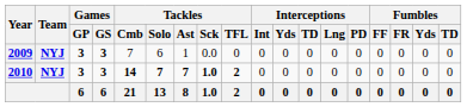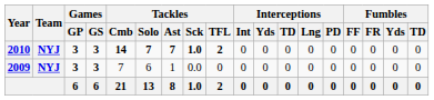 <table class="wikitable" style="text-align:center">
 <tr>
 <th rowspan="2">Year</th>
 <th rowspan="2">Team</th>
 <th colspan="2">Games</th>
 <th colspan="5">Tackles</th>
 <th colspan="5">Interceptions</th>
 <th colspan="4">Fumbles</th>
 </tr>
 <tr>
 <th>GP</th>
 <th>GS</th>
 <th>Cmb</th>
 <th>Solo</th>
 <th>Ast</th>
 <th>Sck</th>
 <th>TFL</th>
 <th>Int</th>
 <th>Yds</th>
 <th>TD</th>
 <th>Lng</th>
 <th>PD</th>
 <th>FF</th>
 <th>FR</th>
 <th>Yds</th>
 <th>TD</th>
 </tr>
 <tr>
-<th><a href='#'>2009</a></th>
+<th><a href='#'>2010</a></th>
 <th><a href='#'>NYJ</a></th>
 <td><strong>3</strong></td>
 <td><strong>3</strong></td>
-<td>7</td>
-<td>6</td>
-<td>1</td>
-<td>0.0</td>
-<td>0</td>
+<td><strong>14</strong></td>
+<td><strong>7</strong></td>
+<td><strong>7</strong></td>
+<td><strong>1.0</strong></td>
+<td><strong>2</strong></td>
 <td>0</td>
 <td>0</td>
 <td>0</td>
 <td>0</td>
 <td>0</td>
 <td>0</td>
 <td>0</td>
 <td>0</td>
 <td>0</td>
 </tr>
 <tr>
-<th><a href='#'>2010</a></th>
+<th><a href='#'>2009</a></th>
 <th><a href='#'>NYJ</a></th>
 <td><strong>3</strong></td>
 <td><strong>3</strong></td>
-<td><strong>14</strong></td>
-<td><strong>7</strong></td>
-<td><strong>7</strong></td>
-<td><strong>1.0</strong></td>
-<td><strong>2</strong></td>
+<td>7</td>
+<td>6</td>
+<td>1</td>
+<td>0.0</td>
+<td>0</td>
 <td>0</td>
 <td>0</td>
 <td>0</td>
 <td>0</td>
 <td>0</td>
 <td>0</td>
 <td>0</td>
 <td>0</td>
 <td>0</td>
 </tr>
 <tr>
 <th colspan="2"></th>
 <th>6</th>
 <th>6</th>
 <th>21</th>
 <th>13</th>
 <th>8</th>
 <th>1.0</th>
 <th>2</th>
 <th>0</th>
 <th>0</th>
 <th>0</th>
 <th>0</th>
 <th>0</th>
 <th>0</th>
 <th>0</th>
 <th>0</th>
 <th>0</th>
 </tr>
 </table>
